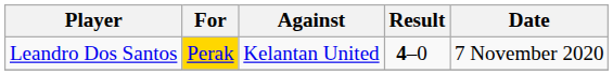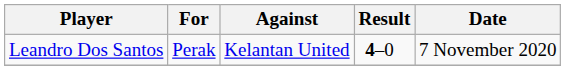 <table class="wikitable sortable">
 <tr>
 <th>Player</th>
 <th>For</th>
 <th>Against</th>
 <th align=center>Result</th>
 <th>Date</th>
 </tr>
 <tr>
 <td> <a href='#'>Leandro Dos Santos</a></td>
-<td style="background: gold;"><a href='#'>Perak</a></td>
+<td><a href='#'>Perak</a></td>
 <td><a href='#'>Kelantan United</a></td>
 <td align=center><strong>4</strong>–0  </td>
 <td>7 November 2020</td>
 </tr>
 <tr>
 </tr>
 </table>
